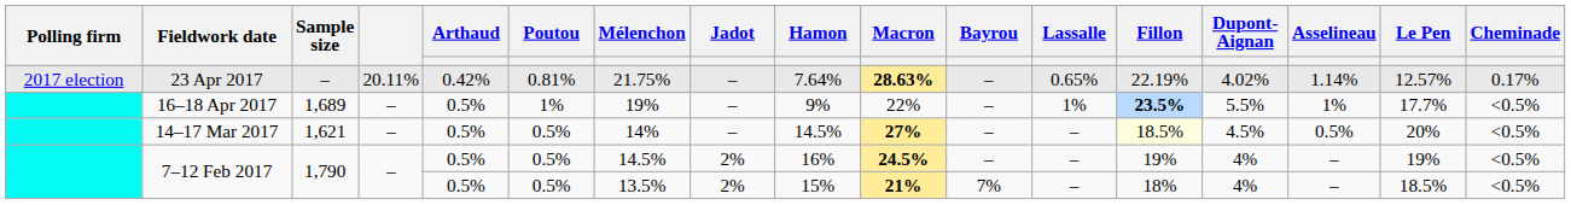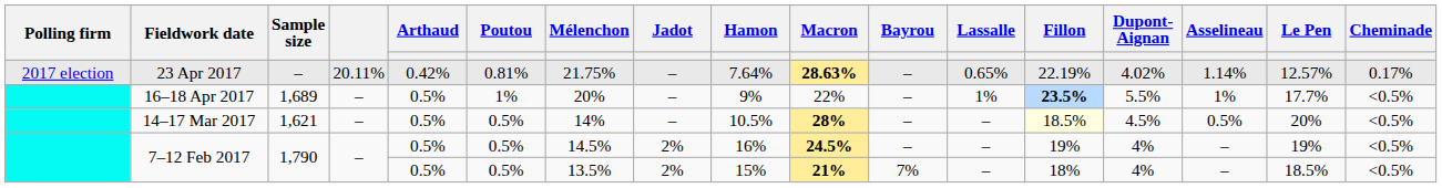 <table class="wikitable sortable" style="text-align:center;font-size:90%;line-height:14px;">
 <tr style="height:40px;">
 <th style="width:100px;" rowspan="2">Polling firm</th>
 <th style="width:110px;" rowspan="2">Fieldwork date</th>
 <th style="width:35px;" rowspan="2">Sample<br>size</th>
 <th style="width:30px;" rowspan="2"></th>
 <th class="unsortable" style="width:60px;"><a href='#'>Arthaud</a><br></th>
 <th class="unsortable" style="width:60px;"><a href='#'>Poutou</a><br></th>
 <th class="unsortable" style="width:60px;"><a href='#'>Mélenchon</a><br></th>
 <th class="unsortable" style="width:60px;"><a href='#'>Jadot</a><br></th>
 <th class="unsortable" style="width:60px;"><a href='#'>Hamon</a><br></th>
 <th class="unsortable" style="width:60px;"><a href='#'>Macron</a><br></th>
 <th class="unsortable" style="width:60px;"><a href='#'>Bayrou</a><br></th>
 <th class="unsortable" style="width:60px;"><a href='#'>Lassalle</a><br></th>
 <th class="unsortable" style="width:60px;"><a href='#'>Fillon</a><br></th>
 <th class="unsortable" style="width:60px;"><a href='#'>Dupont-Aignan</a><br></th>
 <th class="unsortable" style="width:60px;"><a href='#'>Asselineau</a><br></th>
 <th class="unsortable" style="width:60px;"><a href='#'>Le Pen</a><br></th>
 <th class="unsortable" style="width:60px;"><a href='#'>Cheminade</a><br></th>
 </tr>
 <tr>
 <th style="background:"></th>
 <th style="background:"></th>
 <th style="background:"></th>
 <th style="background:"></th>
 <th style="background:"></th>
 <th style="background:"></th>
 <th style="background:"></th>
 <th style="background:"></th>
 <th style="background:"></th>
 <th style="background:"></th>
 <th style="background:"></th>
 <th style="background:"></th>
 <th style="background:"></th>
 </tr>
 <tr style="background:#E9E9E9;">
 <td><a href='#'>2017 election</a></td>
 <td data-sort-value="2017-04-23">23 Apr 2017</td>
 <td>–</td>
 <td>20.11%</td>
 <td>0.42%</td>
 <td>0.81%</td>
 <td>21.75%</td>
 <td>–</td>
 <td>7.64%</td>
 <td style="background:#FFED99;"><strong>28.63%</strong></td>
 <td>–</td>
 <td>0.65%</td>
 <td>22.19%</td>
 <td>4.02%</td>
 <td>1.14%</td>
 <td>12.57%</td>
 <td>0.17%</td>
 </tr>
 <tr>
 <td style="background:#04FBF4;"></td>
 <td data-sort-value="2017-04-18">16–18 Apr 2017</td>
 <td>1,689</td>
 <td>–</td>
 <td>0.5%</td>
 <td>1%</td>
-<td>19%</td>
+<td>20%</td>
 <td>–</td>
 <td>9%</td>
 <td>22%</td>
 <td>–</td>
 <td>1%</td>
 <td style="background:#B9DAFF;"><strong>23.5%</strong></td>
 <td>5.5%</td>
 <td>1%</td>
 <td>17.7%</td>
 <td data-sort-value="0%"><0.5%</td>
 </tr>
 <tr>
 <td style="background:#04FBF4;"></td>
 <td data-sort-value="2017-03-17">14–17 Mar 2017</td>
 <td>1,621</td>
 <td>–</td>
 <td>0.5%</td>
 <td>0.5%</td>
 <td>14%</td>
 <td>–</td>
-<td>14.5%</td>
-<td style="background:#FFED99;"><strong>27%</strong></td>
+<td>10.5%</td>
+<td style="background:#FFED99;"><strong>28%</strong></td>
 <td>–</td>
 <td>–</td>
 <td style="background: lightyellow;">18.5%</td>
 <td>4.5%</td>
 <td>0.5%</td>
 <td>20%</td>
 <td data-sort-value="0%"><0.5%</td>
 </tr>
 <tr>
 <td rowspan="2" style="background:#04FBF4;"></td>
 <td rowspan="2" data-sort-value="2017-02-12">7–12 Feb 2017</td>
 <td rowspan="2">1,790</td>
 <td rowspan="2">–</td>
 <td>0.5%</td>
 <td>0.5%</td>
 <td>14.5%</td>
 <td>2%</td>
 <td>16%</td>
 <td style="background:#FFED99;"><strong>24.5%</strong></td>
 <td>–</td>
 <td>–</td>
 <td>19%</td>
 <td>4%</td>
 <td>–</td>
 <td>19%</td>
 <td data-sort-value="0%"><0.5%</td>
 </tr>
 <tr>
 <td>0.5%</td>
 <td>0.5%</td>
 <td>13.5%</td>
 <td>2%</td>
 <td>15%</td>
 <td style="background:#FFED99;"><strong>21%</strong></td>
 <td>7%</td>
 <td>–</td>
 <td>18%</td>
 <td>4%</td>
 <td>–</td>
 <td>18.5%</td>
 <td data-sort-value="0%"><0.5%</td>
 </tr>
 </table>
